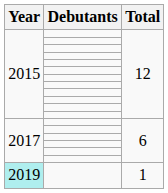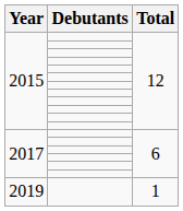 <table class="wikitable">
 <tr>
 <th>Year</th>
 <th>Debutants</th>
 <th>Total</th>
 </tr>
 <tr>
 <td rowspan=12>2015</td>
 <td></td>
 <td rowspan=12 align=center>12</td>
 </tr>
 <tr>
 <td></td>
 </tr>
 <tr>
 <td></td>
 </tr>
 <tr>
 <td></td>
 </tr>
 <tr>
 <td></td>
 </tr>
 <tr>
 <td></td>
 </tr>
 <tr>
 <td></td>
 </tr>
 <tr>
 <td></td>
 </tr>
 <tr>
 <td></td>
 </tr>
 <tr>
 <td></td>
 </tr>
 <tr>
 <td></td>
 </tr>
 <tr>
 <td></td>
 </tr>
 <tr>
 <td rowspan=6>2017</td>
 <td></td>
 <td rowspan=6 align=center>6</td>
 </tr>
 <tr>
 <td></td>
 </tr>
 <tr>
 <td></td>
 </tr>
 <tr>
 <td></td>
 </tr>
 <tr>
 <td></td>
 </tr>
 <tr>
 <td></td>
 </tr>
 <tr>
-<td style="background: paleturquoise;">2019</td>
+<td>2019</td>
 <td></td>
 <td rowspan=1 align=center>1</td>
 </tr>
 </table>
